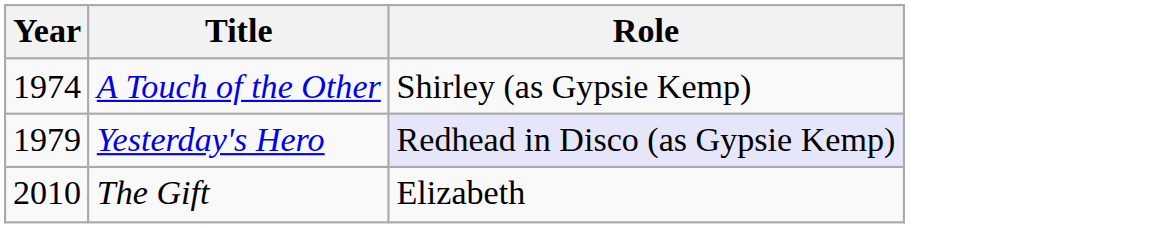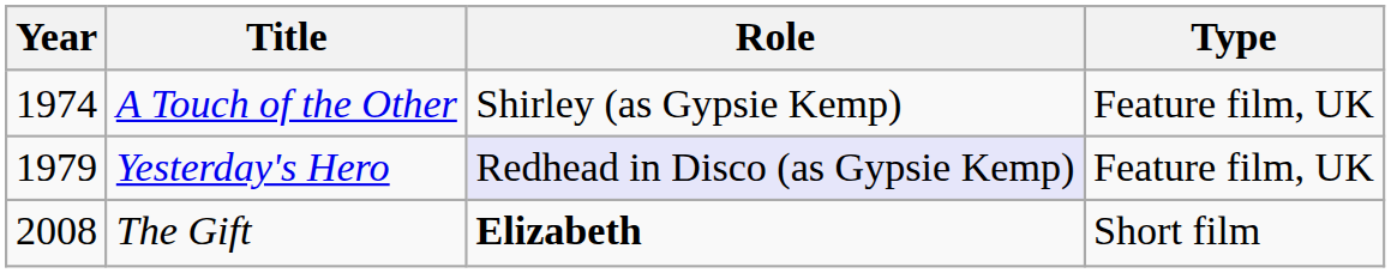 <table class="wikitable">
 <tr>
 <th>Year</th>
 <th>Title</th>
 <th>Role</th>
+<th>Type</th>
 </tr>
 <tr>
 <td>1974</td>
 <td><em><a href='#'>A Touch of the Other</a></em></td>
 <td>Shirley (as Gypsie Kemp)</td>
+<td>Feature film, UK</td>
 </tr>
 <tr>
 <td>1979</td>
 <td><em><a href='#'>Yesterday's Hero</a></em></td>
 <td style="background: lavender;">Redhead in Disco (as Gypsie Kemp)</td>
+<td>Feature film, UK</td>
 </tr>
 <tr>
-<td>2010</td>
+<td>2008</td>
 <td><em>The Gift</em></td>
-<td>Elizabeth</td>
+<td><strong>Elizabeth</strong></td>
+<td>Short film</td>
 </tr>
 </table>
